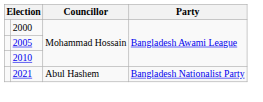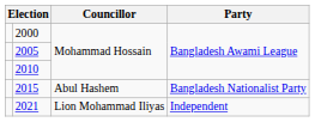 <table class="wikitable">
 <tr>
 <th colspan="2">Election</th>
 <th>Councillor</th>
 <th>Party</th>
 </tr>
 <tr>
 <td style="background-color:"></td>
 <td>2000</td>
 <td rowspan="3">Mohammad Hossain</td>
 <td rowspan="3"><a href='#'>Bangladesh Awami League</a></td>
 </tr>
 <tr>
 <td style="background-color:"></td>
 <td><a href='#'>2005</a></td>
 </tr>
 <tr>
 <td style="background-color:"></td>
 <td><a href='#'>2010</a></td>
 </tr>
 <tr>
 <td style="background-color:"></td>
-<td><a href='#'>2021</a></td>
+<td><a href='#'>2015</a></td>
 <td>Abul Hashem</td>
 <td><a href='#'>Bangladesh Nationalist Party</a></td>
 </tr>
+<tr>
+<td style="background-color:"></td>
+<td><a href='#'>2021</a></td>
+<td>Lion Mohammad Iliyas</td>
+<td><a href='#'>Independent</a></td>
+</tr>
 </table>
